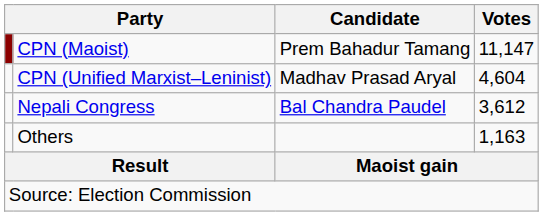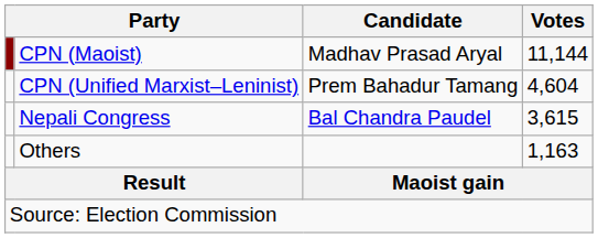 <table class="wikitable">
 <tr>
 <th colspan="2">Party</th>
 <th>Candidate</th>
 <th>Votes</th>
 </tr>
 <tr>
 <td style="background-color:darkred"></td>
 <td><a href='#'>CPN (Maoist)</a></td>
-<td>Prem Bahadur Tamang</td>
-<td>11,147</td>
+<td>Madhav Prasad Aryal</td>
+<td>11,144</td>
 </tr>
 <tr>
 <td style="background-color:"></td>
 <td><a href='#'>CPN (Unified Marxist–Leninist)</a></td>
-<td>Madhav Prasad Aryal</td>
+<td>Prem Bahadur Tamang</td>
 <td>4,604</td>
 </tr>
 <tr>
 <td style="background-color:"></td>
 <td><a href='#'>Nepali Congress</a></td>
 <td><a href='#'>Bal Chandra Paudel</a></td>
-<td>3,612</td>
+<td>3,615</td>
 </tr>
 <tr>
 <td></td>
 <td>Others</td>
 <td></td>
 <td>1,163</td>
 </tr>
 <tr>
 <th colspan="2">Result</th>
 <th colspan="2">Maoist gain</th>
 </tr>
 <tr>
 <td colspan="4">Source: Election Commission</td>
 </tr>
 </table>
